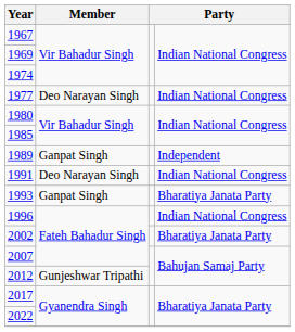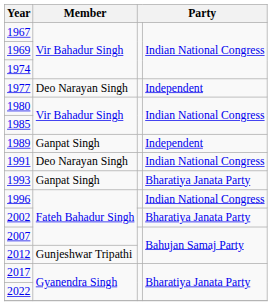 <table class="wikitable">
 <tr>
 <th scope="col">Year</th>
 <th scope="col">Member</th>
 <th colspan="2">Party</th>
 </tr>
 <tr>
 <td><a href='#'>1967</a></td>
 <td rowspan="3"><a href='#'>Vir Bahadur Singh</a></td>
 <td rowspan="3" style="background-color: "></td>
 <td rowspan="3"><a href='#'>Indian National Congress</a></td>
 </tr>
 <tr>
 <td><a href='#'>1969</a></td>
 </tr>
 <tr>
 <td><a href='#'>1974</a></td>
 </tr>
 <tr>
 <td><a href='#'>1977</a></td>
 <td>Deo Narayan Singh</td>
 <td style="background-color: "></td>
-<td><a href='#'>Indian National Congress</a></td>
+<td><a href='#'>Independent</a></td>
 </tr>
 <tr>
 <td><a href='#'>1980</a></td>
 <td rowspan="2"><a href='#'>Vir Bahadur Singh</a></td>
 <td rowspan="2" style="background-color: "></td>
 <td rowspan="2"><a href='#'>Indian National Congress</a></td>
 </tr>
 <tr>
 <td><a href='#'>1985</a></td>
 </tr>
 <tr>
 <td><a href='#'>1989</a></td>
 <td>Ganpat Singh</td>
 <td style="background-color: "></td>
 <td><a href='#'>Independent</a></td>
 </tr>
 <tr>
 <td><a href='#'>1991</a></td>
 <td>Deo Narayan Singh</td>
 <td style="background-color: "></td>
 <td><a href='#'>Indian National Congress</a></td>
 </tr>
 <tr>
 <td><a href='#'>1993</a></td>
 <td>Ganpat Singh</td>
 <td style="background-color: "></td>
 <td><a href='#'>Bharatiya Janata Party</a></td>
 </tr>
 <tr>
 <td><a href='#'>1996</a></td>
 <td rowspan="3"><a href='#'>Fateh Bahadur Singh</a></td>
 <td style="background-color: "></td>
 <td><a href='#'>Indian National Congress</a></td>
 </tr>
 <tr>
 <td><a href='#'>2002</a></td>
 <td style="background-color: "></td>
 <td><a href='#'>Bharatiya Janata Party</a></td>
 </tr>
 <tr>
 <td><a href='#'>2007</a></td>
 <td rowspan="2" style="background-color: "></td>
 <td rowspan="2"><a href='#'>Bahujan Samaj Party</a></td>
 </tr>
 <tr>
 <td><a href='#'>2012</a></td>
 <td>Gunjeshwar Tripathi</td>
 </tr>
 <tr>
 <td><a href='#'>2017</a></td>
 <td rowspan="2"><a href='#'>Gyanendra Singh</a></td>
 <td rowspan="2" style="background-color: "></td>
 <td rowspan="2"><a href='#'>Bharatiya Janata Party</a></td>
 </tr>
 <tr>
 <td><a href='#'>2022</a></td>
 </tr>
 <tr>
 </tr>
 </table>
